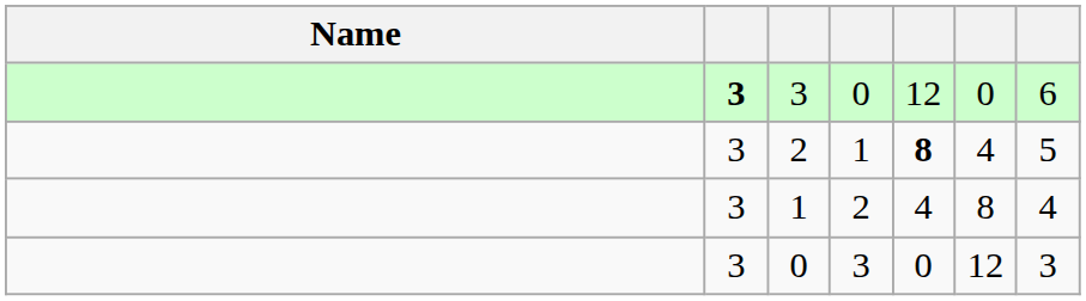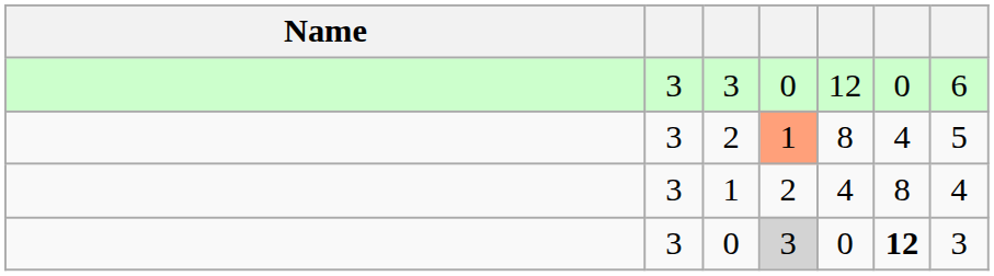 <table class=wikitable style="text-align:center">
 <tr>
 <th width=300>Name</th>
 <th width=20></th>
 <th width=20></th>
 <th width=20></th>
 <th width=20></th>
 <th width=20></th>
 <th width=20></th>
 </tr>
 <tr style="background-color:#ccffcc;">
 <td style="text-align:left;"></td>
-<td><strong>3</strong></td>
+<td>3</td>
 <td>3</td>
 <td>0</td>
 <td>12</td>
 <td>0</td>
 <td>6</td>
 </tr>
 <tr>
 <td style="text-align:left;"></td>
 <td>3</td>
 <td>2</td>
-<td>1</td>
-<td><strong>8</strong></td>
+<td style="background: lightsalmon;">1</td>
+<td>8</td>
 <td>4</td>
 <td>5</td>
 </tr>
 <tr>
 <td style="text-align:left;"></td>
 <td>3</td>
 <td>1</td>
 <td>2</td>
 <td>4</td>
 <td>8</td>
 <td>4</td>
 </tr>
 <tr>
 <td style="text-align:left;"></td>
 <td>3</td>
 <td>0</td>
-<td>3</td>
+<td style="background: lightgrey;">3</td>
 <td>0</td>
-<td>12</td>
+<td><strong>12</strong></td>
 <td>3</td>
 </tr>
 </table>
